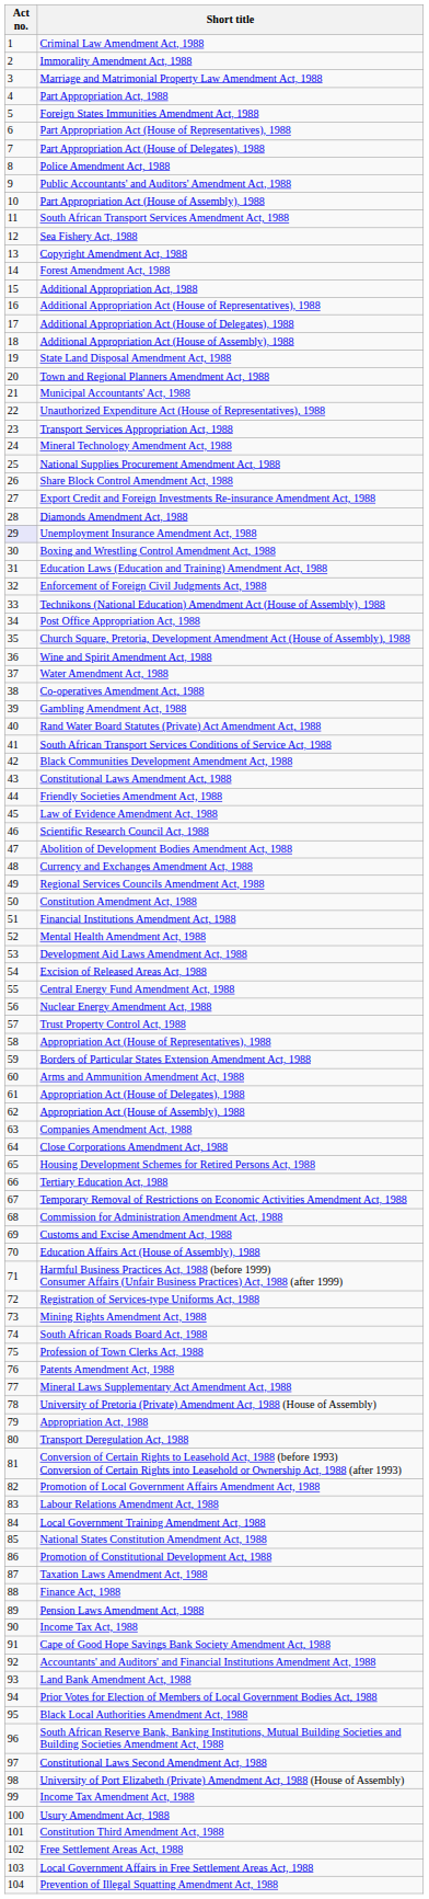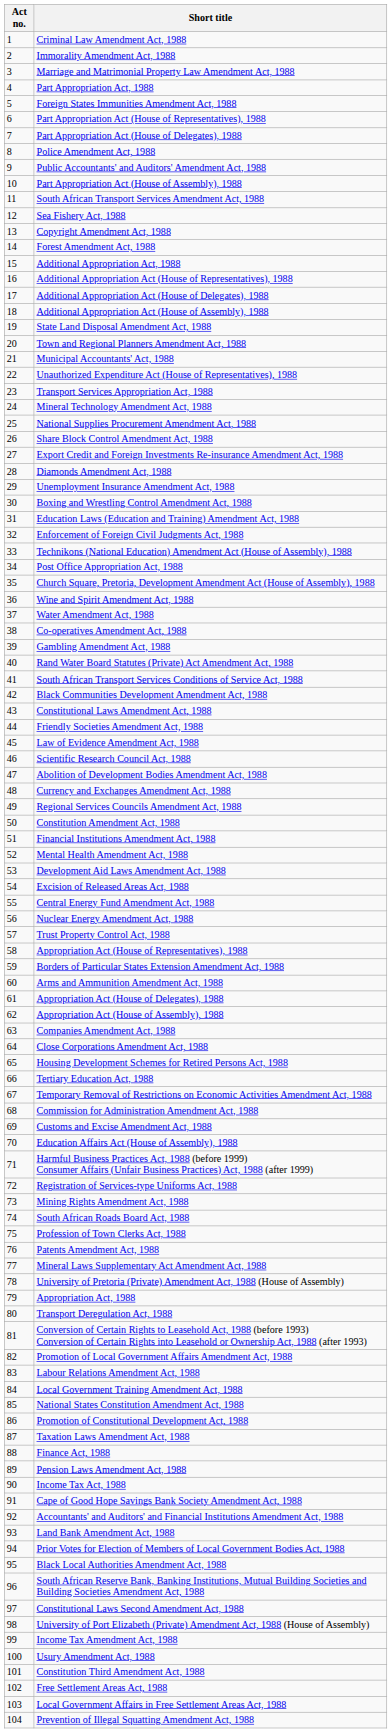 <table class="wikitable sortable">
 <tr>
 <th>Act no.</th>
 <th>Short title</th>
 </tr>
 <tr>
 <td>1</td>
 <td><a href='#'>Criminal Law Amendment Act, 1988</a></td>
 </tr>
 <tr>
 <td>2</td>
 <td><a href='#'>Immorality Amendment Act, 1988</a></td>
 </tr>
 <tr>
 <td>3</td>
 <td><a href='#'>Marriage and Matrimonial Property Law Amendment Act, 1988</a></td>
 </tr>
 <tr>
 <td>4</td>
 <td><a href='#'>Part Appropriation Act, 1988</a></td>
 </tr>
 <tr>
 <td>5</td>
 <td><a href='#'>Foreign States Immunities Amendment Act, 1988</a></td>
 </tr>
 <tr>
 <td>6</td>
 <td><a href='#'>Part Appropriation Act (House of Representatives), 1988</a></td>
 </tr>
 <tr>
 <td>7</td>
 <td><a href='#'>Part Appropriation Act (House of Delegates), 1988</a></td>
 </tr>
 <tr>
 <td>8</td>
 <td><a href='#'>Police Amendment Act, 1988</a></td>
 </tr>
 <tr>
 <td>9</td>
 <td><a href='#'>Public Accountants' and Auditors' Amendment Act, 1988</a></td>
 </tr>
 <tr>
 <td>10</td>
 <td><a href='#'>Part Appropriation Act (House of Assembly), 1988</a></td>
 </tr>
 <tr>
 <td>11</td>
 <td><a href='#'>South African Transport Services Amendment Act, 1988</a></td>
 </tr>
 <tr>
 <td>12</td>
 <td><a href='#'>Sea Fishery Act, 1988</a></td>
 </tr>
 <tr>
 <td>13</td>
 <td><a href='#'>Copyright Amendment Act, 1988</a></td>
 </tr>
 <tr>
 <td>14</td>
 <td><a href='#'>Forest Amendment Act, 1988</a></td>
 </tr>
 <tr>
 <td>15</td>
 <td><a href='#'>Additional Appropriation Act, 1988</a></td>
 </tr>
 <tr>
 <td>16</td>
 <td><a href='#'>Additional Appropriation Act (House of Representatives), 1988</a></td>
 </tr>
 <tr>
 <td>17</td>
 <td><a href='#'>Additional Appropriation Act (House of Delegates), 1988</a></td>
 </tr>
 <tr>
 <td>18</td>
 <td><a href='#'>Additional Appropriation Act (House of Assembly), 1988</a></td>
 </tr>
 <tr>
 <td>19</td>
 <td><a href='#'>State Land Disposal Amendment Act, 1988</a></td>
 </tr>
 <tr>
 <td>20</td>
 <td><a href='#'>Town and Regional Planners Amendment Act, 1988</a></td>
 </tr>
 <tr>
 <td>21</td>
 <td><a href='#'>Municipal Accountants' Act, 1988</a></td>
 </tr>
 <tr>
 <td>22</td>
 <td><a href='#'>Unauthorized Expenditure Act (House of Representatives), 1988</a></td>
 </tr>
 <tr>
 <td>23</td>
 <td><a href='#'>Transport Services Appropriation Act, 1988</a></td>
 </tr>
 <tr>
 <td>24</td>
 <td><a href='#'>Mineral Technology Amendment Act, 1988</a></td>
 </tr>
 <tr>
 <td>25</td>
 <td><a href='#'>National Supplies Procurement Amendment Act, 1988</a></td>
 </tr>
 <tr>
 <td>26</td>
 <td><a href='#'>Share Block Control Amendment Act, 1988</a></td>
 </tr>
 <tr>
 <td>27</td>
 <td><a href='#'>Export Credit and Foreign Investments Re-insurance Amendment Act, 1988</a></td>
 </tr>
 <tr>
 <td>28</td>
 <td><a href='#'>Diamonds Amendment Act, 1988</a></td>
 </tr>
 <tr>
-<td style="background: lavender;">29</td>
+<td>29</td>
 <td><a href='#'>Unemployment Insurance Amendment Act, 1988</a></td>
 </tr>
 <tr>
 <td>30</td>
 <td><a href='#'>Boxing and Wrestling Control Amendment Act, 1988</a></td>
 </tr>
 <tr>
 <td>31</td>
 <td><a href='#'>Education Laws (Education and Training) Amendment Act, 1988</a></td>
 </tr>
 <tr>
 <td>32</td>
 <td><a href='#'>Enforcement of Foreign Civil Judgments Act, 1988</a></td>
 </tr>
 <tr>
 <td>33</td>
 <td><a href='#'>Technikons (National Education) Amendment Act (House of Assembly), 1988</a></td>
 </tr>
 <tr>
 <td>34</td>
 <td><a href='#'>Post Office Appropriation Act, 1988</a></td>
 </tr>
 <tr>
 <td>35</td>
 <td><a href='#'>Church Square, Pretoria, Development Amendment Act (House of Assembly), 1988</a></td>
 </tr>
 <tr>
 <td>36</td>
 <td><a href='#'>Wine and Spirit Amendment Act, 1988</a></td>
 </tr>
 <tr>
 <td>37</td>
 <td><a href='#'>Water Amendment Act, 1988</a></td>
 </tr>
 <tr>
 <td>38</td>
 <td><a href='#'>Co-operatives Amendment Act, 1988</a></td>
 </tr>
 <tr>
 <td>39</td>
 <td><a href='#'>Gambling Amendment Act, 1988</a></td>
 </tr>
 <tr>
 <td>40</td>
 <td><a href='#'>Rand Water Board Statutes (Private) Act Amendment Act, 1988</a></td>
 </tr>
 <tr>
 <td>41</td>
 <td><a href='#'>South African Transport Services Conditions of Service Act, 1988</a></td>
 </tr>
 <tr>
 <td>42</td>
 <td><a href='#'>Black Communities Development Amendment Act, 1988</a></td>
 </tr>
 <tr>
 <td>43</td>
 <td><a href='#'>Constitutional Laws Amendment Act, 1988</a></td>
 </tr>
 <tr>
 <td>44</td>
 <td><a href='#'>Friendly Societies Amendment Act, 1988</a></td>
 </tr>
 <tr>
 <td>45</td>
 <td><a href='#'>Law of Evidence Amendment Act, 1988</a></td>
 </tr>
 <tr>
 <td>46</td>
 <td><a href='#'>Scientific Research Council Act, 1988</a></td>
 </tr>
 <tr>
 <td>47</td>
 <td><a href='#'>Abolition of Development Bodies Amendment Act, 1988</a></td>
 </tr>
 <tr>
 <td>48</td>
 <td><a href='#'>Currency and Exchanges Amendment Act, 1988</a></td>
 </tr>
 <tr>
 <td>49</td>
 <td><a href='#'>Regional Services Councils Amendment Act, 1988</a></td>
 </tr>
 <tr>
 <td>50</td>
 <td><a href='#'>Constitution Amendment Act, 1988</a></td>
 </tr>
 <tr>
 <td>51</td>
 <td><a href='#'>Financial Institutions Amendment Act, 1988</a></td>
 </tr>
 <tr>
 <td>52</td>
 <td><a href='#'>Mental Health Amendment Act, 1988</a></td>
 </tr>
 <tr>
 <td>53</td>
 <td><a href='#'>Development Aid Laws Amendment Act, 1988</a></td>
 </tr>
 <tr>
 <td>54</td>
 <td><a href='#'>Excision of Released Areas Act, 1988</a></td>
 </tr>
 <tr>
 <td>55</td>
 <td><a href='#'>Central Energy Fund Amendment Act, 1988</a></td>
 </tr>
 <tr>
 <td>56</td>
 <td><a href='#'>Nuclear Energy Amendment Act, 1988</a></td>
 </tr>
 <tr>
 <td>57</td>
 <td><a href='#'>Trust Property Control Act, 1988</a></td>
 </tr>
 <tr>
 <td>58</td>
 <td><a href='#'>Appropriation Act (House of Representatives), 1988</a></td>
 </tr>
 <tr>
 <td>59</td>
 <td><a href='#'>Borders of Particular States Extension Amendment Act, 1988</a></td>
 </tr>
 <tr>
 <td>60</td>
 <td><a href='#'>Arms and Ammunition Amendment Act, 1988</a></td>
 </tr>
 <tr>
 <td>61</td>
 <td><a href='#'>Appropriation Act (House of Delegates), 1988</a></td>
 </tr>
 <tr>
 <td>62</td>
 <td><a href='#'>Appropriation Act (House of Assembly), 1988</a></td>
 </tr>
 <tr>
 <td>63</td>
 <td><a href='#'>Companies Amendment Act, 1988</a></td>
 </tr>
 <tr>
 <td>64</td>
 <td><a href='#'>Close Corporations Amendment Act, 1988</a></td>
 </tr>
 <tr>
 <td>65</td>
 <td><a href='#'>Housing Development Schemes for Retired Persons Act, 1988</a></td>
 </tr>
 <tr>
 <td>66</td>
 <td><a href='#'>Tertiary Education Act, 1988</a></td>
 </tr>
 <tr>
 <td>67</td>
 <td><a href='#'>Temporary Removal of Restrictions on Economic Activities Amendment Act, 1988</a></td>
 </tr>
 <tr>
 <td>68</td>
 <td><a href='#'>Commission for Administration Amendment Act, 1988</a></td>
 </tr>
 <tr>
 <td>69</td>
 <td><a href='#'>Customs and Excise Amendment Act, 1988</a></td>
 </tr>
 <tr>
 <td>70</td>
 <td><a href='#'>Education Affairs Act (House of Assembly), 1988</a></td>
 </tr>
 <tr>
 <td>71</td>
 <td><a href='#'>Harmful Business Practices Act, 1988</a> (before 1999) <br><a href='#'>Consumer Affairs (Unfair Business Practices) Act, 1988</a> (after 1999)</td>
 </tr>
 <tr>
 <td>72</td>
 <td><a href='#'>Registration of Services-type Uniforms Act, 1988</a></td>
 </tr>
 <tr>
 <td>73</td>
 <td><a href='#'>Mining Rights Amendment Act, 1988</a></td>
 </tr>
 <tr>
 <td>74</td>
 <td><a href='#'>South African Roads Board Act, 1988</a></td>
 </tr>
 <tr>
 <td>75</td>
 <td><a href='#'>Profession of Town Clerks Act, 1988</a></td>
 </tr>
 <tr>
 <td>76</td>
 <td><a href='#'>Patents Amendment Act, 1988</a></td>
 </tr>
 <tr>
 <td>77</td>
 <td><a href='#'>Mineral Laws Supplementary Act Amendment Act, 1988</a></td>
 </tr>
 <tr>
 <td>78</td>
 <td><a href='#'>University of Pretoria (Private) Amendment Act, 1988</a> (House of Assembly)</td>
 </tr>
 <tr>
 <td>79</td>
 <td><a href='#'>Appropriation Act, 1988</a></td>
 </tr>
 <tr>
 <td>80</td>
 <td><a href='#'>Transport Deregulation Act, 1988</a></td>
 </tr>
 <tr>
 <td>81</td>
 <td><a href='#'>Conversion of Certain Rights to Leasehold Act, 1988</a> (before 1993) <br><a href='#'>Conversion of Certain Rights into Leasehold or Ownership Act, 1988</a> (after 1993)</td>
 </tr>
 <tr>
 <td>82</td>
 <td><a href='#'>Promotion of Local Government Affairs Amendment Act, 1988</a></td>
 </tr>
 <tr>
 <td>83</td>
 <td><a href='#'>Labour Relations Amendment Act, 1988</a></td>
 </tr>
 <tr>
 <td>84</td>
 <td><a href='#'>Local Government Training Amendment Act, 1988</a></td>
 </tr>
 <tr>
 <td>85</td>
 <td><a href='#'>National States Constitution Amendment Act, 1988</a></td>
 </tr>
 <tr>
 <td>86</td>
 <td><a href='#'>Promotion of Constitutional Development Act, 1988</a></td>
 </tr>
 <tr>
 <td>87</td>
 <td><a href='#'>Taxation Laws Amendment Act, 1988</a></td>
 </tr>
 <tr>
 <td>88</td>
 <td><a href='#'>Finance Act, 1988</a></td>
 </tr>
 <tr>
 <td>89</td>
 <td><a href='#'>Pension Laws Amendment Act, 1988</a></td>
 </tr>
 <tr>
 <td>90</td>
 <td><a href='#'>Income Tax Act, 1988</a></td>
 </tr>
 <tr>
 <td>91</td>
 <td><a href='#'>Cape of Good Hope Savings Bank Society Amendment Act, 1988</a></td>
 </tr>
 <tr>
 <td>92</td>
 <td><a href='#'>Accountants' and Auditors' and Financial Institutions Amendment Act, 1988</a></td>
 </tr>
 <tr>
 <td>93</td>
 <td><a href='#'>Land Bank Amendment Act, 1988</a></td>
 </tr>
 <tr>
 <td>94</td>
 <td><a href='#'>Prior Votes for Election of Members of Local Government Bodies Act, 1988</a></td>
 </tr>
 <tr>
 <td>95</td>
 <td><a href='#'>Black Local Authorities Amendment Act, 1988</a></td>
 </tr>
 <tr>
 <td>96</td>
 <td><a href='#'>South African Reserve Bank, Banking Institutions, Mutual Building Societies and Building Societies Amendment Act, 1988</a></td>
 </tr>
 <tr>
 <td>97</td>
 <td><a href='#'>Constitutional Laws Second Amendment Act, 1988</a></td>
 </tr>
 <tr>
 <td>98</td>
 <td><a href='#'>University of Port Elizabeth (Private) Amendment Act, 1988</a> (House of Assembly)</td>
 </tr>
 <tr>
 <td>99</td>
 <td><a href='#'>Income Tax Amendment Act, 1988</a></td>
 </tr>
 <tr>
 <td>100</td>
 <td><a href='#'>Usury Amendment Act, 1988</a></td>
 </tr>
 <tr>
 <td>101</td>
 <td><a href='#'>Constitution Third Amendment Act, 1988</a></td>
 </tr>
 <tr>
 <td>102</td>
 <td><a href='#'>Free Settlement Areas Act, 1988</a></td>
 </tr>
 <tr>
 <td>103</td>
 <td><a href='#'>Local Government Affairs in Free Settlement Areas Act, 1988</a></td>
 </tr>
 <tr>
 <td>104</td>
 <td><a href='#'>Prevention of Illegal Squatting Amendment Act, 1988</a></td>
 </tr>
 </table>
